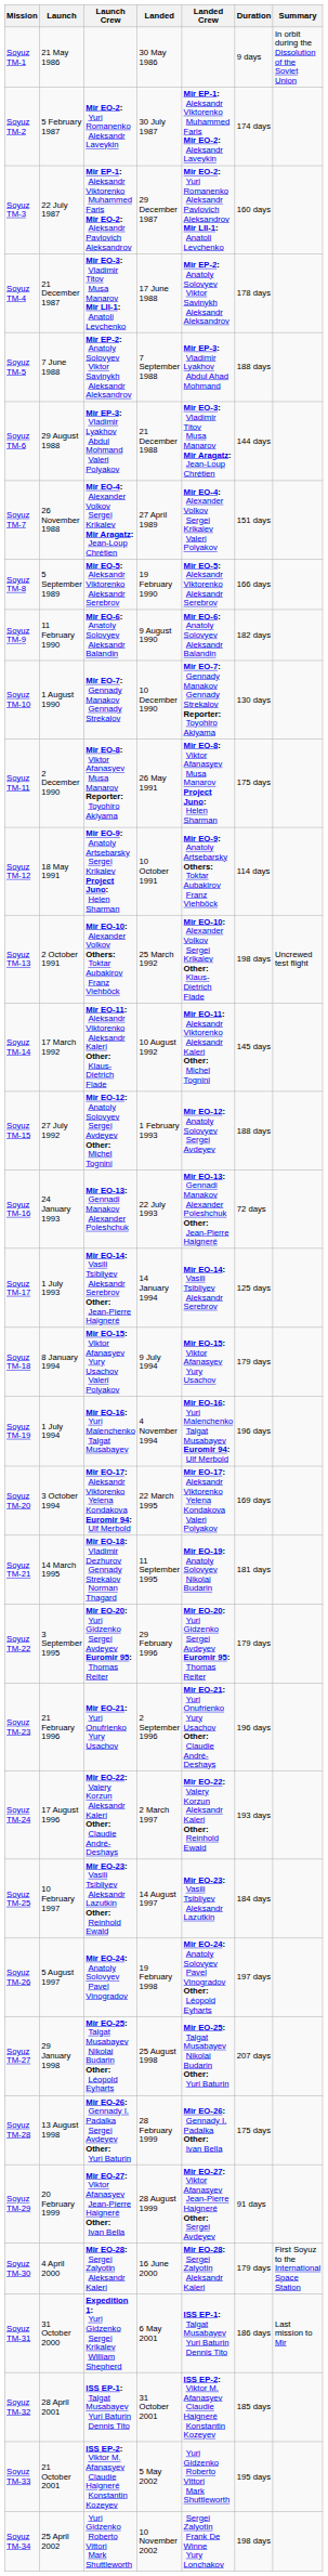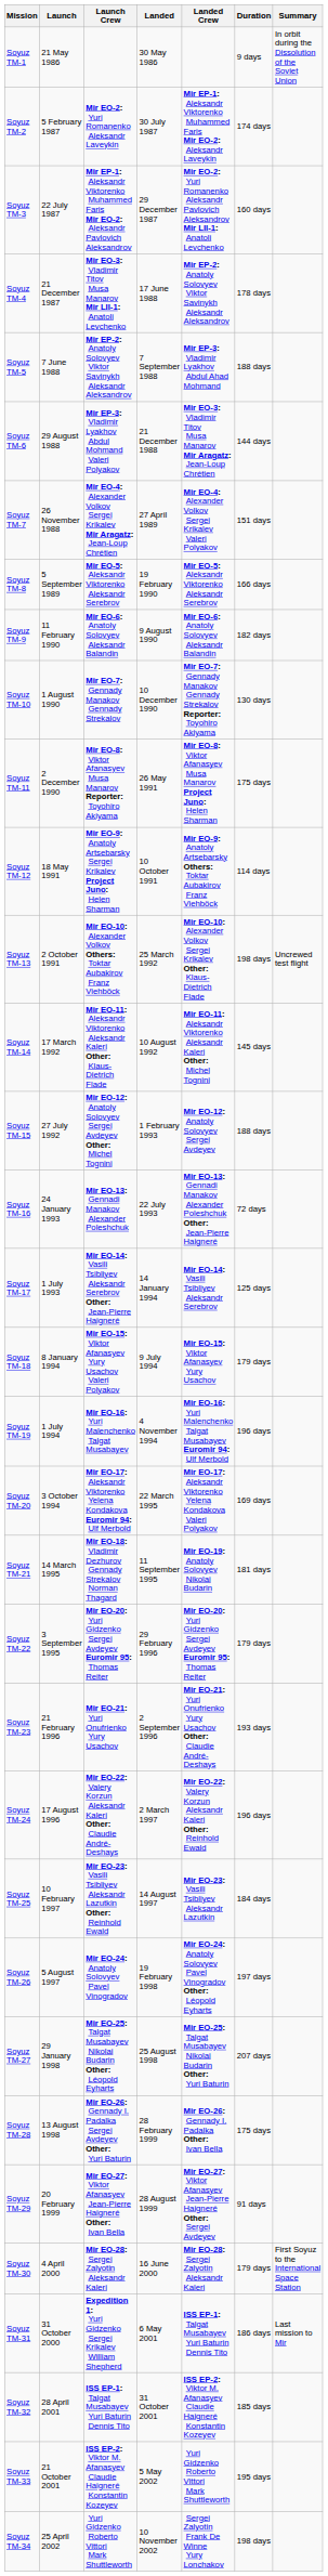 <table class="wikitable sticky-header">
 <tr>
 <th>Mission</th>
 <th>Launch</th>
 <th>Launch Crew</th>
 <th>Landed</th>
 <th>Landed Crew</th>
 <th>Duration</th>
 <th>Summary</th>
 </tr>
 <tr>
 <td><a href='#'>Soyuz TM-1</a></td>
 <td>21 May 1986</td>
 <td></td>
 <td>30 May 1986</td>
 <td></td>
 <td>9 days</td>
 <td>In orbit during the <a href='#'>Dissolution of the Soviet Union</a></td>
 </tr>
 <tr>
 <td><a href='#'>Soyuz TM-2</a></td>
 <td>5 February 1987</td>
 <td><strong><a href='#'>Mir EO-2</a>:</strong> <br>  <a href='#'>Yuri Romanenko</a> <br>  <a href='#'>Aleksandr Laveykin</a></td>
 <td>30 July 1987</td>
 <td><strong><a href='#'>Mir EP-1</a>:</strong> <br>  <a href='#'>Aleksandr Viktorenko</a> <br>  <a href='#'>Muhammed Faris</a> <br> <strong><a href='#'>Mir EO-2</a>:</strong><br> <a href='#'>Aleksandr Laveykin</a></td>
 <td>174 days</td>
 <td></td>
 </tr>
 <tr>
 <td><a href='#'>Soyuz TM-3</a></td>
 <td>22 July 1987</td>
 <td><strong><a href='#'>Mir EP-1</a>:</strong> <br>  <a href='#'>Aleksandr Viktorenko</a> <br>  <a href='#'>Muhammed Faris</a><br> <strong><a href='#'>Mir EO-2</a>:</strong> <br>  <a href='#'>Aleksandr Pavlovich Aleksandrov</a></td>
 <td>29 December 1987</td>
 <td><strong><a href='#'>Mir EO-2</a>:</strong> <br>  <a href='#'>Yuri Romanenko</a> <br>  <a href='#'>Aleksandr Pavlovich Aleksandrov</a> <br> <strong><a href='#'>Mir LII-1</a>:</strong> <br> <a href='#'>Anatoli Levchenko</a></td>
 <td>160 days</td>
 <td></td>
 </tr>
 <tr>
 <td><a href='#'>Soyuz TM-4</a></td>
 <td>21 December 1987</td>
 <td><strong><a href='#'>Mir EO-3</a>:</strong><br> <a href='#'>Vladimir Titov</a> <br>  <a href='#'>Musa Manarov</a> <br> <strong><a href='#'>Mir LII-1</a>:</strong> <br>  <a href='#'>Anatoli Levchenko</a></td>
 <td>17 June 1988</td>
 <td><strong><a href='#'>Mir EP-2</a>:</strong><br> <a href='#'>Anatoly Solovyev</a> <br>  <a href='#'>Viktor Savinykh</a> <br>  <a href='#'>Aleksandr Aleksandrov</a></td>
 <td>178 days</td>
 <td></td>
 </tr>
 <tr>
 <td><a href='#'>Soyuz TM-5</a></td>
 <td>7 June 1988</td>
 <td><strong><a href='#'>Mir EP-2</a>:</strong> <br>  <a href='#'>Anatoly Solovyev</a> <br>  <a href='#'>Viktor Savinykh</a> <br>  <a href='#'>Aleksandr Aleksandrov</a></td>
 <td>7 September 1988</td>
 <td><strong><a href='#'>Mir EP-3</a>:</strong> <br> <a href='#'>Vladimir Lyakhov</a> <br>  <a href='#'>Abdul Ahad Mohmand</a></td>
 <td>188 days</td>
 <td></td>
 </tr>
 <tr>
 <td><a href='#'>Soyuz TM-6</a></td>
 <td>29 August 1988</td>
 <td><strong><a href='#'>Mir EP-3</a>:</strong> <br>  <a href='#'>Vladimir Lyakhov</a> <br>  <a href='#'>Abdul Mohmand</a> <br>  <a href='#'>Valeri Polyakov</a></td>
 <td>21 December 1988</td>
 <td><strong><a href='#'>Mir EO-3</a>:</strong> <br>  <a href='#'>Vladimir Titov</a> <br>  <a href='#'>Musa Manarov</a> <br> <strong><a href='#'>Mir Aragatz</a>:</strong> <br>  <a href='#'>Jean-Loup Chrétien</a></td>
 <td>144 days</td>
 <td></td>
 </tr>
 <tr>
 <td><a href='#'>Soyuz TM-7</a></td>
 <td>26 November 1988</td>
 <td><strong><a href='#'>Mir EO-4</a>:</strong> <br>  <a href='#'>Alexander Volkov</a> <br>  <a href='#'>Sergei Krikalev</a> <br> <strong><a href='#'>Mir Aragatz</a>:</strong> <br>  <a href='#'>Jean-Loup Chrétien</a></td>
 <td>27 April 1989</td>
 <td><strong><a href='#'>Mir EO-4</a>:</strong> <br>  <a href='#'>Alexander Volkov</a> <br>  <a href='#'>Sergei Krikalev</a> <br>  <a href='#'>Valeri Polyakov</a></td>
 <td>151 days</td>
 <td></td>
 </tr>
 <tr>
 <td><a href='#'>Soyuz TM-8</a></td>
 <td>5 September 1989</td>
 <td><strong><a href='#'>Mir EO-5</a>:</strong> <br>  <a href='#'>Aleksandr Viktorenko</a> <br>  <a href='#'>Aleksandr Serebrov</a></td>
 <td>19 February 1990</td>
 <td><strong><a href='#'>Mir EO-5</a>:</strong> <br>  <a href='#'>Aleksandr Viktorenko</a> <br>  <a href='#'>Aleksandr Serebrov</a></td>
 <td>166 days</td>
 <td></td>
 </tr>
 <tr>
 <td><a href='#'>Soyuz TM-9</a></td>
 <td>11 February 1990</td>
 <td><strong><a href='#'>Mir EO-6</a>:</strong> <br>  <a href='#'>Anatoly Solovyev</a> <br>  <a href='#'>Aleksandr Balandin</a></td>
 <td>9 August 1990</td>
 <td><strong><a href='#'>Mir EO-6</a>:</strong> <br>  <a href='#'>Anatoly Solovyev</a> <br>  <a href='#'>Aleksandr Balandin</a></td>
 <td>182 days</td>
 <td></td>
 </tr>
 <tr>
 <td><a href='#'>Soyuz TM-10</a></td>
 <td>1 August 1990</td>
 <td><strong><a href='#'>Mir EO-7</a>:</strong> <br>  <a href='#'>Gennady Manakov</a> <br>  <a href='#'>Gennady Strekalov</a></td>
 <td>10 December 1990</td>
 <td><strong><a href='#'>Mir EO-7</a>:</strong> <br>  <a href='#'>Gennady Manakov</a> <br>  <a href='#'>Gennady Strekalov</a> <br> <strong>Reporter:</strong> <br>  <a href='#'>Toyohiro Akiyama</a></td>
 <td>130 days</td>
 <td></td>
 </tr>
 <tr>
 <td><a href='#'>Soyuz TM-11</a></td>
 <td>2 December 1990</td>
 <td><strong><a href='#'>Mir EO-8</a>:</strong> <br>  <a href='#'>Viktor Afanasyev</a> <br>  <a href='#'>Musa Manarov</a> <br> <strong>Reporter:</strong> <br>  <a href='#'>Toyohiro Akiyama</a></td>
 <td>26 May 1991</td>
 <td><strong><a href='#'>Mir EO-8</a>:</strong> <br>  <a href='#'>Viktor Afanasyev</a> <br>  <a href='#'>Musa Manarov</a> <br> <strong><a href='#'>Project Juno</a>:</strong> <br>  <a href='#'>Helen Sharman</a></td>
 <td>175 days</td>
 <td></td>
 </tr>
 <tr>
 <td><a href='#'>Soyuz TM-12</a></td>
 <td>18 May 1991</td>
 <td><strong><a href='#'>Mir EO-9</a>:</strong> <br>  <a href='#'>Anatoly Artsebarsky</a> <br>  <a href='#'>Sergei Krikalev</a> <br> <strong><a href='#'>Project Juno</a>:</strong> <br>  <a href='#'>Helen Sharman</a></td>
 <td>10 October 1991</td>
 <td><strong><a href='#'>Mir EO-9</a>:</strong> <br>  <a href='#'>Anatoly Artsebarsky</a> <br> <strong>Others:</strong> <br>  <a href='#'>Toktar Aubakirov</a> <br>  <a href='#'>Franz Viehböck</a></td>
 <td>114 days</td>
 <td></td>
 </tr>
 <tr>
 <td><a href='#'>Soyuz TM-13</a></td>
 <td>2 October 1991</td>
 <td><strong><a href='#'>Mir EO-10</a>:</strong> <br>  <a href='#'>Alexander Volkov</a> <br> <strong>Others:</strong> <br>  <a href='#'>Toktar Aubakirov</a> <br>  <a href='#'>Franz Viehböck</a></td>
 <td>25 March 1992</td>
 <td><strong><a href='#'>Mir EO-10</a>:</strong> <br>  <a href='#'>Alexander Volkov</a> <br>  <a href='#'>Sergei Krikalev</a> <br> <strong>Other:</strong> <br> <a href='#'>Klaus-Dietrich Flade</a></td>
 <td>198 days</td>
 <td>Uncrewed test flight</td>
 </tr>
 <tr>
 <td><a href='#'>Soyuz TM-14</a></td>
 <td>17 March 1992</td>
 <td><strong><a href='#'>Mir EO-11</a>:</strong> <br>  <a href='#'>Aleksandr Viktorenko</a> <br>  <a href='#'>Aleksandr Kaleri</a> <br> <strong>Other:</strong> <br>  <a href='#'>Klaus-Dietrich Flade</a></td>
 <td>10 August 1992</td>
 <td><strong><a href='#'>Mir EO-11</a>:</strong> <br>  <a href='#'>Aleksandr Viktorenko</a> <br>  <a href='#'>Aleksandr Kaleri</a> <br> <strong>Other:</strong> <br>  <a href='#'>Michel Tognini</a></td>
 <td>145 days</td>
 <td></td>
 </tr>
 <tr>
 <td><a href='#'>Soyuz TM-15</a></td>
 <td>27 July 1992</td>
 <td><strong><a href='#'>Mir EO-12</a>:</strong> <br>  <a href='#'>Anatoly Solovyev</a> <br>  <a href='#'>Sergei Avdeyev</a> <br> <strong>Other:</strong> <br>  <a href='#'>Michel Tognini</a></td>
 <td>1 February 1993</td>
 <td><strong><a href='#'>Mir EO-12</a>:</strong> <br>  <a href='#'>Anatoly Solovyev</a> <br>  <a href='#'>Sergei Avdeyev</a></td>
 <td>188 days</td>
 <td></td>
 </tr>
 <tr>
 <td><a href='#'>Soyuz TM-16</a></td>
 <td>24 January 1993</td>
 <td><strong><a href='#'>Mir EO-13</a>:</strong> <br>  <a href='#'>Gennadi Manakov</a> <br>  <a href='#'>Alexander Poleshchuk</a></td>
 <td>22 July 1993</td>
 <td><strong><a href='#'>Mir EO-13</a>:</strong> <br>  <a href='#'>Gennadi Manakov</a> <br>  <a href='#'>Alexander Poleshchuk</a> <br><strong>Other:</strong> <br>  <a href='#'>Jean-Pierre Haigneré</a></td>
 <td>72 days</td>
 <td></td>
 </tr>
 <tr>
 <td><a href='#'>Soyuz TM-17</a></td>
 <td>1 July 1993</td>
 <td><strong><a href='#'>Mir EO-14</a>:</strong> <br>  <a href='#'>Vasili Tsibliyev</a> <br>  <a href='#'>Aleksandr Serebrov</a> <br><strong>Other:</strong> <br>  <a href='#'>Jean-Pierre Haigneré</a></td>
 <td>14 January 1994</td>
 <td><strong><a href='#'>Mir EO-14</a>:</strong> <br>  <a href='#'>Vasili Tsibliyev</a> <br>  <a href='#'>Aleksandr Serebrov</a></td>
 <td>125 days</td>
 <td></td>
 </tr>
 <tr>
 <td><a href='#'>Soyuz TM-18</a></td>
 <td>8 January 1994</td>
 <td><strong><a href='#'>Mir EO-15</a>:</strong> <br>  <a href='#'>Viktor Afanasyev</a> <br>  <a href='#'>Yury Usachov</a> <br>  <a href='#'>Valeri Polyakov</a></td>
 <td>9 July 1994</td>
 <td><strong><a href='#'>Mir EO-15</a>:</strong> <br>  <a href='#'>Viktor Afanasyev</a> <br>  <a href='#'>Yury Usachov</a></td>
 <td>179 days</td>
 <td></td>
 </tr>
 <tr>
 <td><a href='#'>Soyuz TM-19</a></td>
 <td>1 July 1994</td>
 <td><strong><a href='#'>Mir EO-16</a>:</strong> <br>  <a href='#'>Yuri Malenchenko</a> <br>  <a href='#'>Talgat Musabayev</a></td>
 <td>4 November 1994</td>
 <td><strong><a href='#'>Mir EO-16</a>:</strong> <br>  <a href='#'>Yuri Malenchenko</a> <br>  <a href='#'>Talgat Musabayev</a> <br> <strong><a href='#'>Euromir 94</a>:</strong> <br>  <a href='#'>Ulf Merbold</a></td>
 <td>196 days</td>
 <td></td>
 </tr>
 <tr>
 <td><a href='#'>Soyuz TM-20</a></td>
 <td>3 October 1994</td>
 <td><strong><a href='#'>Mir EO-17</a>:</strong> <br>  <a href='#'>Aleksandr Viktorenko</a> <br>  <a href='#'>Yelena Kondakova</a> <br> <strong><a href='#'>Euromir 94</a>:</strong> <br>  <a href='#'>Ulf Merbold</a></td>
 <td>22 March 1995</td>
 <td><strong><a href='#'>Mir EO-17</a>:</strong> <br>  <a href='#'>Aleksandr Viktorenko</a> <br>  <a href='#'>Yelena Kondakova</a> <br>  <a href='#'>Valeri Polyakov</a></td>
 <td>169 days</td>
 <td></td>
 </tr>
 <tr>
 <td><a href='#'>Soyuz TM-21</a></td>
 <td>14 March 1995</td>
 <td><strong><a href='#'>Mir EO-18</a>:</strong> <br>  <a href='#'>Vladimir Dezhurov</a> <br>  <a href='#'>Gennady Strekalov</a> <br>  <a href='#'>Norman Thagard</a></td>
 <td>11 September 1995</td>
 <td><strong><a href='#'>Mir EO-19</a>:</strong> <br>  <a href='#'>Anatoly Solovyev</a> <br>  <a href='#'>Nikolai Budarin</a></td>
 <td>181 days</td>
 <td></td>
 </tr>
 <tr>
 <td><a href='#'>Soyuz TM-22</a></td>
 <td>3 September 1995</td>
 <td><strong><a href='#'>Mir EO-20</a>:</strong> <br>  <a href='#'>Yuri Gidzenko</a> <br>  <a href='#'>Sergei Avdeyev</a> <br> <strong><a href='#'>Euromir 95</a>:</strong> <br>  <a href='#'>Thomas Reiter</a></td>
 <td>29 February 1996</td>
 <td><strong><a href='#'>Mir EO-20</a>:</strong> <br>  <a href='#'>Yuri Gidzenko</a> <br>  <a href='#'>Sergei Avdeyev</a> <br> <strong><a href='#'>Euromir 95</a>:</strong> <br>  <a href='#'>Thomas Reiter</a></td>
 <td>179 days</td>
 <td></td>
 </tr>
 <tr>
 <td><a href='#'>Soyuz TM-23</a></td>
 <td>21 February 1996</td>
 <td><strong><a href='#'>Mir EO-21</a>:</strong> <br>  <a href='#'>Yuri Onufrienko</a> <br>  <a href='#'>Yury Usachov</a></td>
 <td>2 September 1996</td>
 <td><strong><a href='#'>Mir EO-21</a>:</strong> <br>  <a href='#'>Yuri Onufrienko</a> <br>  <a href='#'>Yury Usachov</a> <br> <strong>Other:</strong> <br>  <a href='#'>Claudie André-Deshays</a></td>
-<td>196 days</td>
+<td>193 days</td>
 <td></td>
 </tr>
 <tr>
 <td><a href='#'>Soyuz TM-24</a></td>
 <td>17 August 1996</td>
 <td><strong><a href='#'>Mir EO-22</a>:</strong> <br>  <a href='#'>Valery Korzun</a> <br>  <a href='#'>Aleksandr Kaleri</a> <br> <strong>Other:</strong> <br>  <a href='#'>Claudie André-Deshays</a></td>
 <td>2 March 1997</td>
 <td><strong><a href='#'>Mir EO-22</a>:</strong> <br>  <a href='#'>Valery Korzun</a> <br>  <a href='#'>Aleksandr Kaleri</a> <br> <strong>Other:</strong> <br>  <a href='#'>Reinhold Ewald</a></td>
-<td>193 days</td>
+<td>196 days</td>
 <td></td>
 </tr>
 <tr>
 <td><a href='#'>Soyuz TM-25</a></td>
 <td>10 February 1997</td>
 <td><strong><a href='#'>Mir EO-23</a>:</strong> <br>  <a href='#'>Vasili Tsibliyev</a> <br>  <a href='#'>Aleksandr Lazutkin</a> <br> <strong>Other:</strong> <br>  <a href='#'>Reinhold Ewald</a></td>
 <td>14 August 1997</td>
 <td><strong><a href='#'>Mir EO-23</a>:</strong> <br>  <a href='#'>Vasili Tsibliyev</a> <br>  <a href='#'>Aleksandr Lazutkin</a></td>
 <td>184 days</td>
 <td></td>
 </tr>
 <tr>
 <td><a href='#'>Soyuz TM-26</a></td>
 <td>5 August 1997</td>
 <td><strong><a href='#'>Mir EO-24</a>:</strong> <br>  <a href='#'>Anatoly Solovyev</a> <br>  <a href='#'>Pavel Vinogradov</a></td>
 <td>19 February 1998</td>
 <td><strong><a href='#'>Mir EO-24</a>:</strong> <br>  <a href='#'>Anatoly Solovyev</a> <br>  <a href='#'>Pavel Vinogradov</a> <br> <strong>Other:</strong> <br>  <a href='#'>Léopold Eyharts</a></td>
 <td>197 days</td>
 <td></td>
 </tr>
 <tr>
 <td><a href='#'>Soyuz TM-27</a></td>
 <td>29 January 1998</td>
 <td><strong><a href='#'>Mir EO-25</a>:</strong> <br>  <a href='#'>Talgat Musabayev</a> <br>  <a href='#'>Nikolai Budarin</a> <br> <strong>Other:</strong> <br>  <a href='#'>Léopold Eyharts</a></td>
 <td>25 August 1998</td>
 <td><strong><a href='#'>Mir EO-25</a>:</strong> <br>  <a href='#'>Talgat Musabayev</a> <br>  <a href='#'>Nikolai Budarin</a> <br> <strong>Other:</strong> <br>  <a href='#'>Yuri Baturin</a></td>
 <td>207 days</td>
 <td></td>
 </tr>
 <tr>
 <td><a href='#'>Soyuz TM-28</a></td>
 <td>13 August 1998</td>
 <td><strong><a href='#'>Mir EO-26</a>:</strong> <br>  <a href='#'>Gennady I. Padalka</a> <br>  <a href='#'>Sergei Avdeyev</a> <br> <strong>Other:</strong> <br>  <a href='#'>Yuri Baturin</a></td>
 <td>28 February 1999</td>
 <td><strong><a href='#'>Mir EO-26</a>:</strong> <br>  <a href='#'>Gennady I. Padalka</a> <br> <strong>Other:</strong> <br>  <a href='#'>Ivan Bella</a></td>
 <td>175 days</td>
 <td></td>
 </tr>
 <tr>
 <td><a href='#'>Soyuz TM-29</a></td>
 <td>20 February 1999</td>
 <td><strong><a href='#'>Mir EO-27</a>:</strong> <br>  <a href='#'>Viktor Afanasyev</a> <br>  <a href='#'>Jean-Pierre Haigneré</a> <br> <strong>Other:</strong> <br>  <a href='#'>Ivan Bella</a></td>
 <td>28 August 1999</td>
 <td><strong><a href='#'>Mir EO-27</a>:</strong> <br>  <a href='#'>Viktor Afanasyev</a> <br>  <a href='#'>Jean-Pierre Haigneré</a> <br> <strong>Other:</strong> <br>  <a href='#'>Sergei Avdeyev</a></td>
 <td>91 days</td>
 <td></td>
 </tr>
 <tr>
 <td><a href='#'>Soyuz TM-30</a></td>
 <td>4 April 2000</td>
 <td><strong><a href='#'>Mir EO-28</a>:</strong> <br>  <a href='#'>Sergei Zalyotin</a> <br>  <a href='#'>Aleksandr Kaleri</a></td>
 <td>16 June 2000</td>
 <td><strong><a href='#'>Mir EO-28</a>:</strong> <br>  <a href='#'>Sergei Zalyotin</a> <br>  <a href='#'>Aleksandr Kaleri</a></td>
 <td>179 days</td>
 <td>First Soyuz to the <a href='#'>International Space Station</a></td>
 </tr>
 <tr>
 <td><a href='#'>Soyuz TM-31</a></td>
 <td>31 October 2000</td>
 <td><strong><a href='#'>Expedition 1</a>:</strong> <br>  <a href='#'>Yuri Gidzenko</a> <br>  <a href='#'>Sergei Krikalev</a> <br>  <a href='#'>William Shepherd</a></td>
 <td>6 May 2001</td>
 <td><strong><a href='#'>ISS EP-1</a>:</strong> <br>  <a href='#'>Talgat Musabayev</a> <br>  <a href='#'>Yuri Baturin</a> <br>  <a href='#'>Dennis Tito</a></td>
 <td>186 days</td>
 <td>Last mission to <a href='#'>Mir</a></td>
 </tr>
 <tr>
 <td><a href='#'>Soyuz TM-32</a></td>
 <td>28 April 2001</td>
 <td><strong><a href='#'>ISS EP-1</a>:</strong> <br>  <a href='#'>Talgat Musabayev</a> <br>  <a href='#'>Yuri Baturin</a> <br>  <a href='#'>Dennis Tito</a></td>
 <td>31 October 2001</td>
 <td><strong><a href='#'>ISS EP-2</a>:</strong> <br>  <a href='#'>Viktor M. Afanasyev</a> <br>  <a href='#'>Claudie Haigneré</a> <br>  <a href='#'>Konstantin Kozeyev</a></td>
 <td>185 days</td>
 <td></td>
 </tr>
 <tr>
 <td><a href='#'>Soyuz TM-33</a></td>
 <td>21 October 2001</td>
 <td><strong><a href='#'>ISS EP-2</a>:</strong> <br>  <a href='#'>Viktor M. Afanasyev</a> <br>  <a href='#'>Claudie Haigneré</a> <br>  <a href='#'>Konstantin Kozeyev</a></td>
 <td>5 May 2002</td>
 <td> <a href='#'>Yuri Gidzenko</a> <br>  <a href='#'>Roberto Vittori</a> <br>  <a href='#'>Mark Shuttleworth</a></td>
 <td>195 days</td>
 <td></td>
 </tr>
 <tr>
 <td><a href='#'>Soyuz TM-34</a></td>
 <td>25 April 2002</td>
 <td> <a href='#'>Yuri Gidzenko</a> <br>  <a href='#'>Roberto Vittori</a> <br>  <a href='#'>Mark Shuttleworth</a></td>
 <td>10 November 2002</td>
 <td> <a href='#'>Sergei Zalyotin</a> <br>  <a href='#'>Frank De Winne</a> <br>  <a href='#'>Yury Lonchakov</a></td>
 <td>198 days</td>
 <td></td>
 </tr>
 </table>
